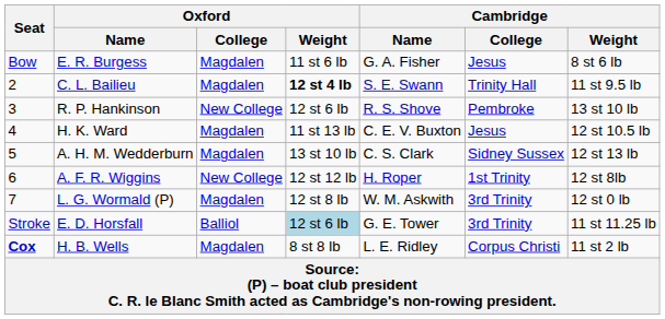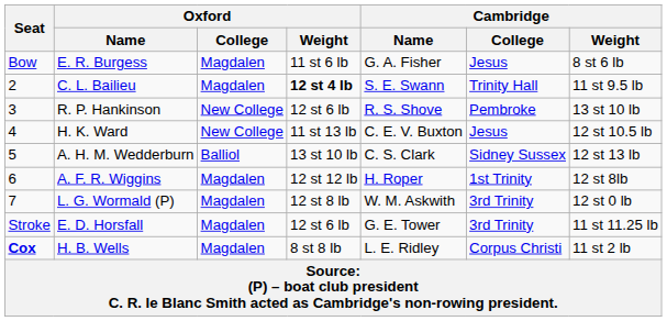 <table class="wikitable">
 <tr>
 <th rowspan="2" scope="col">Seat</th>
 <th colspan="3" scope="col">Oxford <br> </th>
 <th colspan="3" scope="col">Cambridge <br> </th>
 </tr>
 <tr>
 <th>Name</th>
 <th>College</th>
 <th>Weight</th>
 <th>Name</th>
 <th>College</th>
 <th>Weight</th>
 </tr>
 <tr>
 <td><a href='#'>Bow</a></td>
 <td><a href='#'>E. R. Burgess</a></td>
 <td><a href='#'>Magdalen</a></td>
 <td>11 st 6 lb</td>
 <td>G. A. Fisher</td>
 <td><a href='#'>Jesus</a></td>
 <td>8 st 6 lb</td>
 </tr>
 <tr>
 <td>2</td>
 <td><a href='#'>C. L. Bailieu</a></td>
 <td><a href='#'>Magdalen</a></td>
 <td><strong>12 st 4 lb</strong></td>
 <td><a href='#'>S. E. Swann</a></td>
 <td><a href='#'>Trinity Hall</a></td>
 <td>11 st 9.5 lb</td>
 </tr>
 <tr>
 <td>3</td>
 <td>R. P. Hankinson</td>
 <td><a href='#'>New College</a></td>
 <td>12 st 6 lb</td>
 <td><a href='#'>R. S. Shove</a></td>
 <td><a href='#'>Pembroke</a></td>
 <td>13 st 10 lb</td>
 </tr>
 <tr>
 <td>4</td>
 <td>H. K. Ward</td>
-<td><a href='#'>Magdalen</a></td>
+<td><a href='#'>New College</a></td>
 <td>11 st 13 lb</td>
 <td>C. E. V. Buxton</td>
 <td><a href='#'>Jesus</a></td>
 <td>12 st 10.5 lb</td>
 </tr>
 <tr>
 <td>5</td>
 <td>A. H. M. Wedderburn</td>
-<td><a href='#'>Magdalen</a></td>
+<td><a href='#'>Balliol</a></td>
 <td>13 st 10 lb</td>
 <td>C. S. Clark</td>
 <td><a href='#'>Sidney Sussex</a></td>
 <td>12 st 13 lb</td>
 </tr>
 <tr>
 <td>6</td>
 <td><a href='#'>A. F. R. Wiggins</a></td>
-<td><a href='#'>New College</a></td>
+<td><a href='#'>Magdalen</a></td>
 <td>12 st 12 lb</td>
 <td><a href='#'>H. Roper</a></td>
 <td><a href='#'>1st Trinity</a></td>
 <td>12 st 8lb</td>
 </tr>
 <tr>
 <td>7</td>
 <td><a href='#'>L. G. Wormald</a> (P)</td>
 <td><a href='#'>Magdalen</a></td>
 <td>12 st 8 lb</td>
 <td>W. M. Askwith</td>
 <td><a href='#'>3rd Trinity</a></td>
 <td>12 st 0 lb</td>
 </tr>
 <tr>
 <td><a href='#'>Stroke</a></td>
 <td><a href='#'>E. D. Horsfall</a></td>
-<td><a href='#'>Balliol</a></td>
-<td style="background: lightblue;">12 st 6 lb</td>
+<td><a href='#'>Magdalen</a></td>
+<td>12 st 6 lb</td>
 <td>G. E. Tower</td>
 <td><a href='#'>3rd Trinity</a></td>
 <td>11 st 11.25 lb</td>
 </tr>
 <tr>
 <td><strong><a href='#'>Cox</a></strong></td>
 <td><a href='#'>H. B. Wells</a></td>
 <td><a href='#'>Magdalen</a></td>
 <td>8 st 8 lb</td>
 <td>L. E. Ridley</td>
 <td><a href='#'>Corpus Christi</a></td>
 <td>11 st 2 lb</td>
 </tr>
 <tr>
 <th colspan="7">Source:<br>(P) – boat club president<br>C. R. le Blanc Smith acted as Cambridge's non-rowing president.</th>
 </tr>
 </table>
